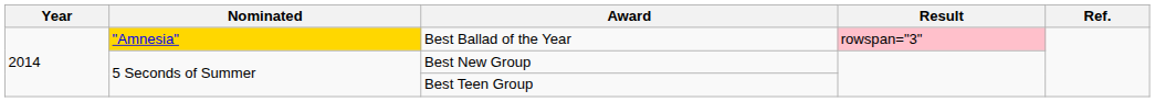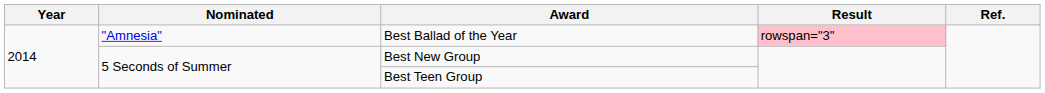 <table class="wikitable" style="width:100%;">
 <tr>
 <th width=5%>Year</th>
 <th style="width:15%;">Nominated</th>
 <th style="width:20%;">Award</th>
 <th style="width:10%;">Result</th>
 <th style="width:5%;">Ref.</th>
 </tr>
 <tr>
 <td rowspan="3">2014</td>
-<td style="background: gold;"><a href='#'>"Amnesia"</a></td>
+<td><a href='#'>"Amnesia"</a></td>
 <td>Best Ballad of the Year</td>
 <td style="background: pink;">rowspan="3" </td>
 <td rowspan="3"></td>
 </tr>
 <tr>
 <td rowspan="2">5 Seconds of Summer</td>
 <td>Best New Group</td>
 </tr>
 <tr>
 <td>Best Teen Group</td>
 </tr>
 </table>
